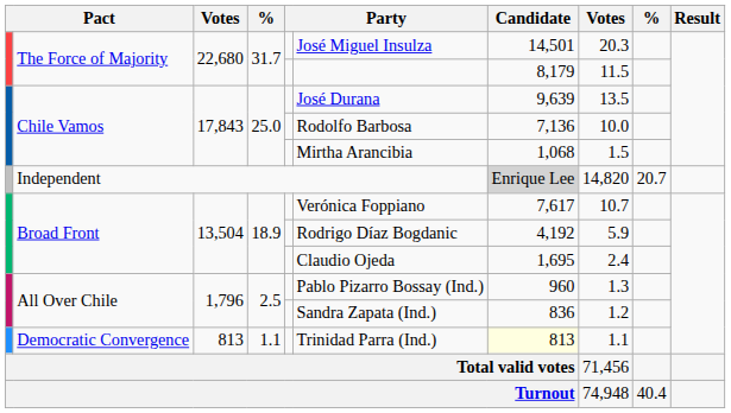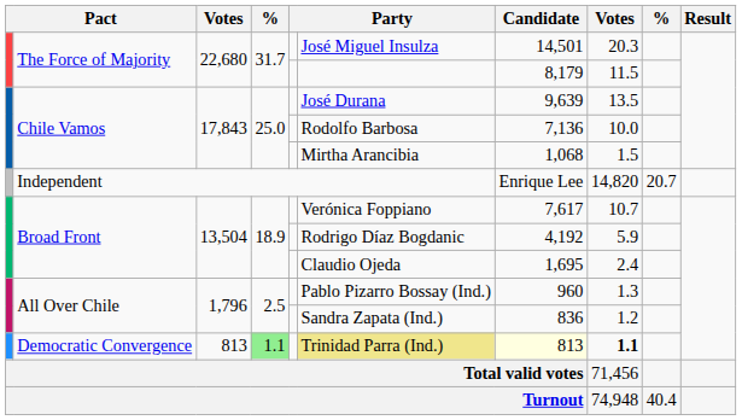 <table class=wikitable style="text-align: right;">
 <tr>
 <th colspan="2">Pact</th>
 <th>Votes</th>
 <th>%</th>
 <th colspan="2">Party</th>
 <th>Candidate</th>
 <th>Votes</th>
 <th>%</th>
 <th>Result</th>
 </tr>
 <tr>
 <td rowspan=2 bgcolor=#fc4143></td>
 <td rowspan=2 align=left><a href='#'>The Force of Majority</a></td>
 <td rowspan=2>22,680</td>
 <td rowspan=2>31.7</td>
 <td></td>
 <td align=left><a href='#'>José Miguel Insulza</a></td>
 <td>14,501</td>
 <td>20.3</td>
 <td></td>
 </tr>
 <tr>
 <td></td>
 <td align=left></td>
 <td>8,179</td>
 <td>11.5</td>
 <td></td>
 </tr>
 <tr>
 <td rowspan=3 bgcolor=#065DA8></td>
 <td rowspan=3 align=left><a href='#'>Chile Vamos</a></td>
 <td rowspan=3>17,843</td>
 <td rowspan=3>25.0</td>
 <td></td>
 <td align=left><a href='#'>José Durana</a></td>
 <td>9,639</td>
 <td>13.5</td>
 <td></td>
 </tr>
 <tr>
 <td></td>
 <td align=left>Rodolfo Barbosa</td>
 <td>7,136</td>
 <td>10.0</td>
 <td></td>
 </tr>
 <tr>
 <td></td>
 <td align=left>Mirtha Arancibia</td>
 <td>1,068</td>
 <td>1.5</td>
 <td></td>
 </tr>
 <tr>
 <td bgcolor=silver></td>
 <td align=left colspan=5>Independent</td>
-<td align=left style="background: lightgrey;">Enrique Lee</td>
+<td align=left>Enrique Lee</td>
 <td>14,820</td>
 <td>20.7</td>
 <td></td>
 </tr>
 <tr>
 <td rowspan=3 bgcolor=#00B771></td>
 <td rowspan=3 align=left><a href='#'>Broad Front</a></td>
 <td rowspan=3>13,504</td>
 <td rowspan=3>18.9</td>
 <td></td>
 <td align=left>Verónica Foppiano</td>
 <td>7,617</td>
 <td>10.7</td>
 <td></td>
 </tr>
 <tr>
 <td></td>
 <td align=left>Rodrigo Díaz Bogdanic</td>
 <td>4,192</td>
 <td>5.9</td>
 <td></td>
 </tr>
 <tr>
 <td></td>
 <td align=left>Claudio Ojeda</td>
 <td>1,695</td>
 <td>2.4</td>
 <td></td>
 </tr>
 <tr>
 <td rowspan=2 bgcolor=#c11469></td>
 <td rowspan=2 align=left>All Over Chile</td>
 <td rowspan=2>1,796</td>
 <td rowspan=2>2.5</td>
 <td></td>
 <td align=left>Pablo Pizarro Bossay (Ind.)</td>
 <td>960</td>
 <td>1.3</td>
 <td></td>
 </tr>
 <tr>
 <td></td>
 <td align=left>Sandra Zapata (Ind.)</td>
 <td>836</td>
 <td>1.2</td>
 <td></td>
 </tr>
 <tr>
 <td bgcolor=dodgerblue></td>
 <td align=left><a href='#'>Democratic Convergence</a></td>
 <td>813</td>
-<td>1.1</td>
+<td style="background: lightgreen;">1.1</td>
 <td></td>
-<td align=left>Trinidad Parra (Ind.)</td>
+<td align=left style="background: khaki;">Trinidad Parra (Ind.)</td>
 <td style="background: lightyellow;">813</td>
-<td>1.1</td>
+<td><strong>1.1</strong></td>
 <td></td>
 </tr>
 <tr style="background-color:#F6F6F6">
 <th colspan="7" style="text-align:right;">Total valid votes</th>
 <td style="text-align:right;">71,456</td>
 <td style="text-align:right;"></td>
 <td style="text-align:right;"></td>
 </tr>
 <tr style="background-color:#F6F6F6">
 <th colspan="7" style="text-align:right;"><a href='#'>Turnout</a></th>
 <td style="text-align:right;">74,948</td>
 <td style="text-align:right;">40.4</td>
 <td style="text-align:right;"></td>
 </tr>
 </table>
